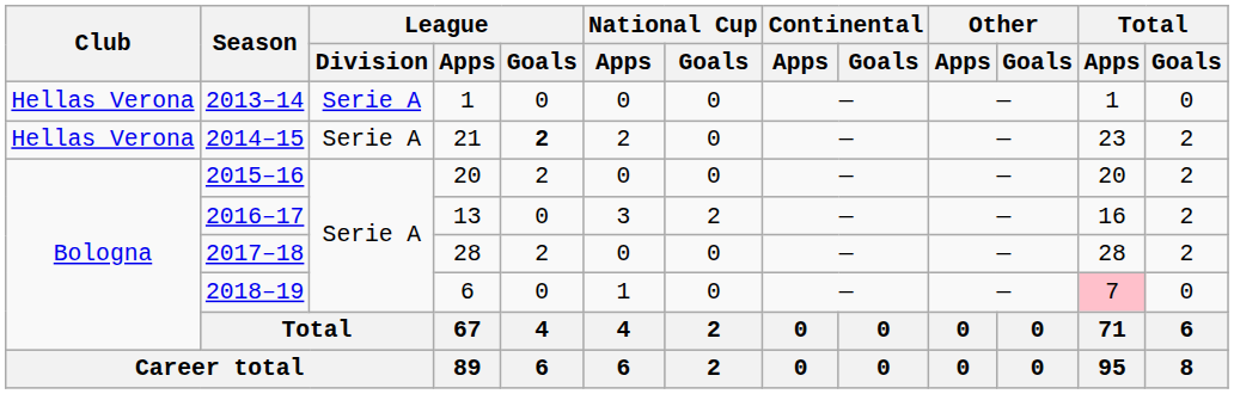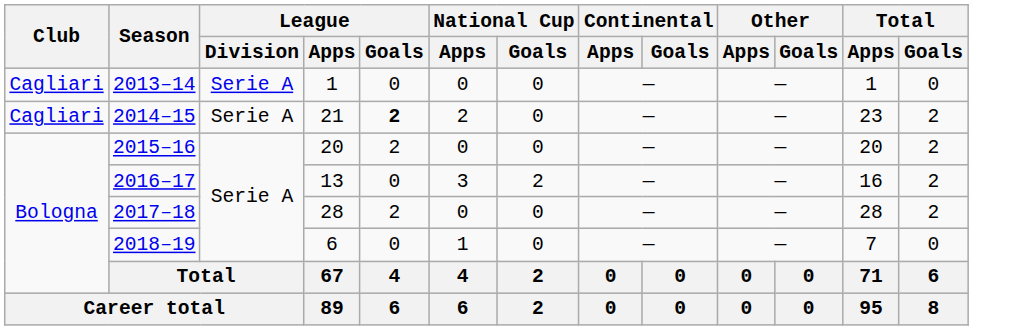 <table class="wikitable" style="text-align:center">
 <tr>
 <th rowspan="2">Club</th>
 <th rowspan="2">Season</th>
 <th colspan="3">League</th>
 <th colspan="2">National Cup</th>
 <th colspan="2">Continental</th>
 <th colspan="2">Other</th>
 <th colspan="2">Total</th>
 </tr>
 <tr>
 <th>Division</th>
 <th>Apps</th>
 <th>Goals</th>
 <th>Apps</th>
 <th>Goals</th>
 <th>Apps</th>
 <th>Goals</th>
 <th>Apps</th>
 <th>Goals</th>
 <th>Apps</th>
 <th>Goals</th>
 </tr>
 <tr>
-<td><a href='#'>Hellas Verona</a></td>
+<td><a href='#'>Cagliari</a></td>
 <td><a href='#'>2013–14</a></td>
 <td><a href='#'>Serie A</a></td>
 <td>1</td>
 <td>0</td>
 <td>0</td>
 <td>0</td>
 <td colspan="2“">—</td>
 <td colspan="2“">—</td>
 <td>1</td>
 <td>0</td>
 </tr>
 <tr>
-<td><a href='#'>Hellas Verona</a></td>
+<td><a href='#'>Cagliari</a></td>
 <td><a href='#'>2014–15</a></td>
 <td>Serie A</td>
 <td>21</td>
 <td><strong>2</strong></td>
 <td>2</td>
 <td>0</td>
 <td colspan="2“">—</td>
 <td colspan="2“">—</td>
 <td>23</td>
 <td>2</td>
 </tr>
 <tr>
 <td rowspan="5"><a href='#'>Bologna</a></td>
 <td><a href='#'>2015–16</a></td>
 <td rowspan="4">Serie A</td>
 <td>20</td>
 <td>2</td>
 <td>0</td>
 <td>0</td>
 <td colspan="2“">—</td>
 <td colspan="2“">—</td>
 <td>20</td>
 <td>2</td>
 </tr>
 <tr>
 <td><a href='#'>2016–17</a></td>
 <td>13</td>
 <td>0</td>
 <td>3</td>
 <td>2</td>
 <td colspan="2“">—</td>
 <td colspan="2“">—</td>
 <td>16</td>
 <td>2</td>
 </tr>
 <tr>
 <td><a href='#'>2017–18</a></td>
 <td>28</td>
 <td>2</td>
 <td>0</td>
 <td>0</td>
 <td colspan="2“">—</td>
 <td colspan="2“">—</td>
 <td>28</td>
 <td>2</td>
 </tr>
 <tr>
 <td><a href='#'>2018–19</a></td>
 <td>6</td>
 <td>0</td>
 <td>1</td>
 <td>0</td>
 <td colspan="2“">—</td>
 <td colspan="2“">—</td>
-<td style="background: pink;">7</td>
+<td>7</td>
 <td>0</td>
 </tr>
 <tr>
 <th colspan="2">Total</th>
 <th>67</th>
 <th>4</th>
 <th>4</th>
 <th>2</th>
 <th>0</th>
 <th>0</th>
 <th>0</th>
 <th>0</th>
 <th>71</th>
 <th>6</th>
 </tr>
 <tr>
 <th colspan="3">Career total</th>
 <th>89</th>
 <th>6</th>
 <th>6</th>
 <th>2</th>
 <th>0</th>
 <th>0</th>
 <th>0</th>
 <th>0</th>
 <th>95</th>
 <th>8</th>
 </tr>
 </table>
